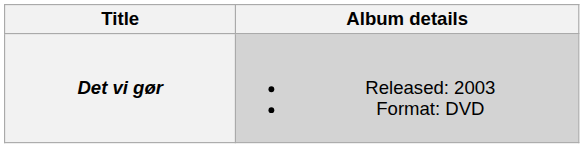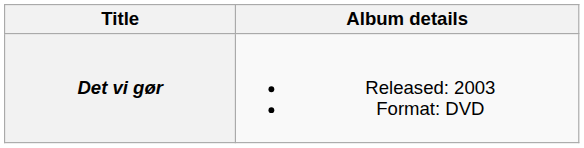 <table class="wikitable plainrowheaders" style="text-align:center;">
 <tr>
 <th scope="col" style="width:12em;">Title</th>
 <th scope="col" style="width:18em;">Album details</th>
 </tr>
 <tr>
 <th scope="row"><em>Det vi gør</em></th>
-<td style="background: lightgrey;"><br><ul><li>Released: 2003</li><li>Format: DVD</li></ul></td>
+<td><br><ul><li>Released: 2003</li><li>Format: DVD</li></ul></td>
 </tr>
 </table>
